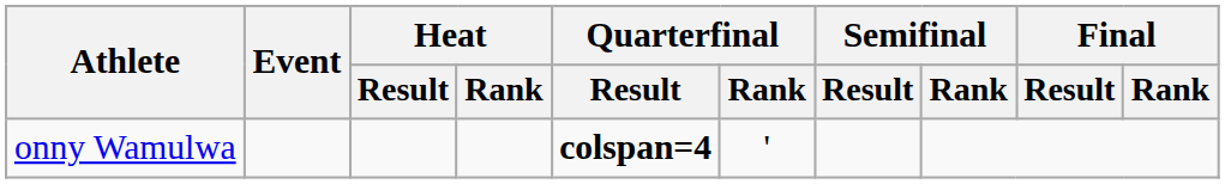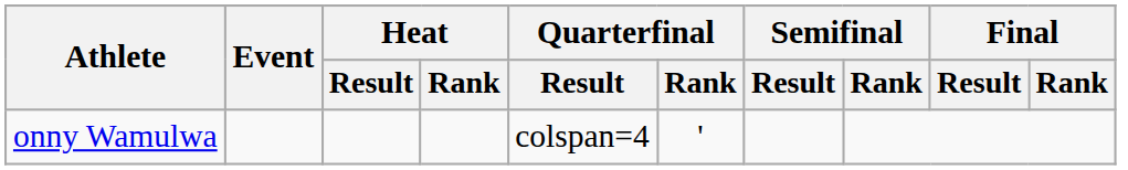 <table class="wikitable" style="font-size:90%">
 <tr>
 <th rowspan="2">Athlete</th>
 <th rowspan="2">Event</th>
 <th colspan="2">Heat</th>
 <th colspan="2">Quarterfinal</th>
 <th colspan="2">Semifinal</th>
 <th colspan="2">Final</th>
 </tr>
 <tr style="font-size:95%">
 <th>Result</th>
 <th>Rank</th>
 <th>Result</th>
 <th>Rank</th>
 <th>Result</th>
 <th>Rank</th>
 <th>Result</th>
 <th>Rank</th>
 </tr>
 <tr align=center>
 <td align=left><a href='#'>onny Wamulwa</a></td>
 <td align=left rowspan=3></td>
 <td></td>
 <td></td>
-<td><strong>colspan=4 </strong></td>
+<td>colspan=4 </td>
 <td>'</td>
 <td></td>
 </tr>
 </table>
